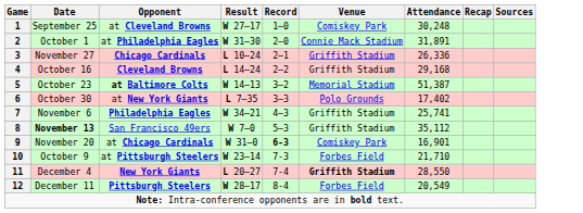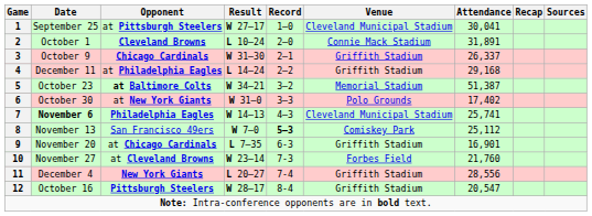 <table class="wikitable" style="text-align:center">
 <tr>
 <th>Game</th>
 <th>Date</th>
 <th>Opponent</th>
 <th>Result</th>
 <th>Record</th>
 <th>Venue</th>
 <th>Attendance</th>
 <th>Recap</th>
 <th>Sources</th>
 </tr>
 <tr style="background:#cfc">
 <th>1</th>
 <td>September 25</td>
-<td>at <strong><a href='#'>Cleveland Browns</a></strong></td>
+<td>at <strong><a href='#'>Pittsburgh Steelers</a></strong></td>
 <td><strong>W</strong> 27–17</td>
 <td>1–0</td>
-<td><a href='#'>Comiskey Park</a></td>
-<td>30,248</td>
+<td><a href='#'>Cleveland Municipal Stadium</a></td>
+<td>30,041</td>
 <td></td>
 <td></td>
 </tr>
 <tr style="background:#cfc">
 <th>2</th>
 <td>October 1</td>
-<td>at <strong><a href='#'>Philadelphia Eagles</a></strong></td>
-<td><strong>W</strong> 31–30</td>
+<td><strong><a href='#'>Cleveland Browns</a></strong></td>
+<td><strong>L</strong> 10–24</td>
 <td>2–0</td>
 <td><a href='#'>Connie Mack Stadium</a></td>
 <td>31,891</td>
 <td></td>
 <td></td>
 </tr>
 <tr style="background:#fcc">
 <th>3</th>
-<td>November 27</td>
+<td>October 9</td>
 <td><strong><a href='#'>Chicago Cardinals</a></strong></td>
-<td><strong>L</strong> 10–24</td>
+<td><strong>W</strong> 31–30</td>
 <td>2–1</td>
 <td><a href='#'>Griffith Stadium</a></td>
-<td>26,336</td>
+<td>26,337</td>
 <td></td>
 <td></td>
 </tr>
 <tr style="background:#fcc">
 <th>4</th>
-<td>October 16</td>
-<td><strong><a href='#'>Cleveland Browns</a></strong></td>
+<td>December 11</td>
+<td>at <strong><a href='#'>Philadelphia Eagles</a></strong></td>
 <td><strong>L</strong> 14–24</td>
 <td>2–2</td>
 <td>Griffith Stadium</td>
 <td>29,168</td>
 <td></td>
 <td></td>
 </tr>
 <tr style="background:#cfc">
 <th>5</th>
 <td>October 23</td>
 <td><strong>at <a href='#'>Baltimore Colts</a></strong></td>
-<td><strong>W</strong> 14–13</td>
+<td><strong>W</strong> 34–21</td>
 <td>3–2</td>
 <td><a href='#'>Memorial Stadium</a></td>
 <td>51,387</td>
 <td></td>
 <td></td>
 </tr>
 <tr style="background:#fcc">
 <th>6</th>
 <td>October 30</td>
 <td>at <strong><a href='#'>New York Giants</a></strong></td>
-<td><strong>L</strong> 7–35</td>
+<td><strong>W</strong> 31–0</td>
 <td>3–3</td>
 <td><a href='#'>Polo Grounds</a></td>
 <td>17,402</td>
 <td></td>
 <td></td>
 </tr>
 <tr style="background:#cfc">
 <th>7</th>
-<td>November 6</td>
+<td><strong>November 6</strong></td>
 <td><strong><a href='#'>Philadelphia Eagles</a></strong></td>
-<td><strong>W</strong> 34–21</td>
+<td><strong>W</strong> 14–13</td>
 <td>4–3</td>
-<td>Griffith Stadium</td>
+<td><a href='#'>Cleveland Municipal Stadium</a></td>
 <td>25,741</td>
 <td></td>
 <td></td>
 </tr>
 <tr style="background:#cfc">
 <th>8</th>
-<td><strong>November 13</strong></td>
+<td>November 13</td>
 <td><a href='#'>San Francisco 49ers</a></td>
 <td><strong>W</strong> 7–0</td>
-<td>5–3</td>
-<td>Griffith Stadium</td>
-<td>35,112</td>
+<td><strong>5–3</strong></td>
+<td><a href='#'>Comiskey Park</a></td>
+<td>25,112</td>
 <td></td>
 <td></td>
 </tr>
 <tr style="background:#cfc">
 <th>9</th>
 <td>November 20</td>
 <td>at <strong><a href='#'>Chicago Cardinals</a></strong></td>
-<td><strong>W</strong> 31–0</td>
-<td><strong>6-3</strong></td>
-<td><a href='#'>Comiskey Park</a></td>
+<td><strong>L</strong> 7–35</td>
+<td>6-3</td>
+<td>Griffith Stadium</td>
 <td>16,901</td>
 <td></td>
 <td></td>
 </tr>
 <tr style="background:#cfc">
 <th>10</th>
-<td>October 9</td>
-<td>at <strong><a href='#'>Pittsburgh Steelers</a></strong></td>
+<td>November 27</td>
+<td>at <strong><a href='#'>Cleveland Browns</a></strong></td>
 <td><strong>W</strong> 23–14</td>
 <td>7-3</td>
 <td><a href='#'>Forbes Field</a></td>
-<td>21,710</td>
+<td>21,760</td>
 <td></td>
 <td></td>
 </tr>
 <tr style="background:#fcc">
 <th>11</th>
 <td>December 4</td>
 <td><strong><a href='#'>New York Giants</a></strong></td>
 <td><strong>L</strong> 20–27</td>
 <td>7-4</td>
-<td><strong>Griffith Stadium</strong></td>
-<td>28,550</td>
+<td>Griffith Stadium</td>
+<td>28,556</td>
 <td></td>
 <td></td>
 </tr>
 <tr style="background:#cfc">
 <th>12</th>
-<td>December 11</td>
+<td>October 16</td>
 <td><strong><a href='#'>Pittsburgh Steelers</a></strong></td>
 <td><strong>W</strong> 28–17</td>
 <td>8-4</td>
-<td><a href='#'>Forbes Field</a></td>
-<td>20,549</td>
+<td>Griffith Stadium</td>
+<td>20,547</td>
 <td></td>
 <td></td>
 </tr>
 <tr>
 <td colspan="10"><strong>Note:</strong> Intra-conference opponents are in <strong>bold</strong> text.</td>
 </tr>
 </table>
